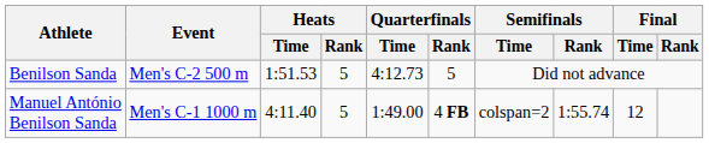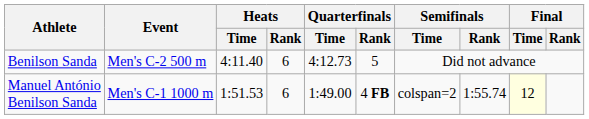 <table class=wikitable style="font-size:90%">
 <tr>
 <th rowspan="2">Athlete</th>
 <th rowspan="2">Event</th>
 <th colspan=2>Heats</th>
 <th colspan=2>Quarterfinals</th>
 <th colspan=2>Semifinals</th>
 <th colspan=2>Final</th>
 </tr>
 <tr style="font-size:95%">
 <th>Time</th>
 <th>Rank</th>
 <th>Time</th>
 <th>Rank</th>
 <th>Time</th>
 <th>Rank</th>
 <th>Time</th>
 <th>Rank</th>
 </tr>
 <tr align=center>
 <td align=left><a href='#'>Benilson Sanda</a></td>
 <td align=left><a href='#'>Men's C-2 500 m</a></td>
-<td>1:51.53</td>
-<td>5</td>
+<td>4:11.40</td>
+<td>6</td>
 <td>4:12.73</td>
 <td>5</td>
 <td Colspan=4>Did not advance</td>
 </tr>
 <tr align=center>
 <td align=left><a href='#'>Manuel António</a><br><a href='#'>Benilson Sanda</a></td>
 <td align=left><a href='#'>Men's C-1 1000 m</a></td>
-<td>4:11.40</td>
-<td>5</td>
+<td>1:51.53</td>
+<td>6</td>
 <td>1:49.00</td>
 <td>4 <strong>FB</strong></td>
 <td>colspan=2 </td>
 <td>1:55.74</td>
-<td>12</td>
+<td style="background: lightyellow;">12</td>
 </tr>
 </table>
